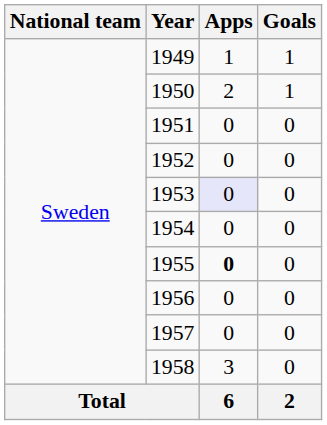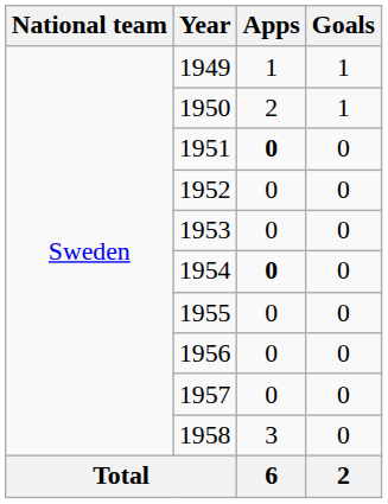 <table class="wikitable" style="text-align:center">
 <tr>
 <th>National team</th>
 <th>Year</th>
 <th>Apps</th>
 <th>Goals</th>
 </tr>
 <tr>
 <td rowspan="10"><a href='#'>Sweden</a></td>
 <td>1949</td>
 <td>1</td>
 <td>1</td>
 </tr>
 <tr>
 <td>1950</td>
 <td>2</td>
 <td>1</td>
 </tr>
 <tr>
 <td>1951</td>
-<td>0</td>
+<td><strong>0</strong></td>
 <td>0</td>
 </tr>
 <tr>
 <td>1952</td>
 <td>0</td>
 <td>0</td>
 </tr>
 <tr>
 <td>1953</td>
-<td style="background: lavender;">0</td>
+<td>0</td>
 <td>0</td>
 </tr>
 <tr>
 <td>1954</td>
-<td>0</td>
+<td><strong>0</strong></td>
 <td>0</td>
 </tr>
 <tr>
 <td>1955</td>
-<td><strong>0</strong></td>
+<td>0</td>
 <td>0</td>
 </tr>
 <tr>
 <td>1956</td>
 <td>0</td>
 <td>0</td>
 </tr>
 <tr>
 <td>1957</td>
 <td>0</td>
 <td>0</td>
 </tr>
 <tr>
 <td>1958</td>
 <td>3</td>
 <td>0</td>
 </tr>
 <tr>
 <th colspan="2">Total</th>
 <th>6</th>
 <th>2</th>
 </tr>
 </table>
